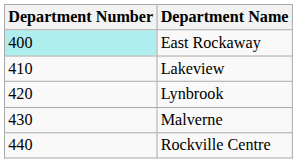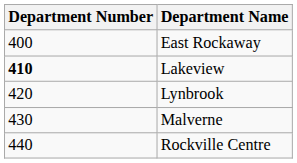 <table class="wikitable mw-collapsible">
 <tr valign="bottom">
 <th>Department Number</th>
 <th>Department Name</th>
 </tr>
 <tr>
-<td style="background: paleturquoise;">400</td>
+<td>400</td>
 <td>East Rockaway</td>
 </tr>
 <tr>
-<td>410</td>
+<td><strong>410</strong></td>
 <td>Lakeview</td>
 </tr>
 <tr>
 <td>420</td>
 <td>Lynbrook</td>
 </tr>
 <tr>
 <td>430</td>
 <td>Malverne</td>
 </tr>
 <tr>
 <td>440</td>
 <td>Rockville Centre</td>
 </tr>
 </table>
